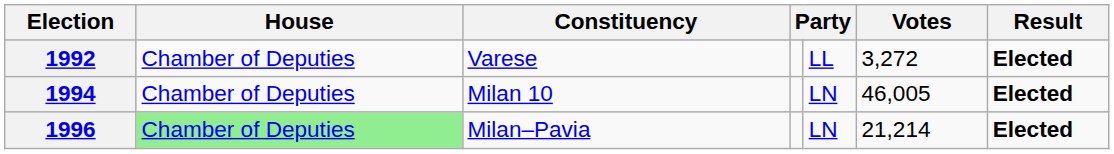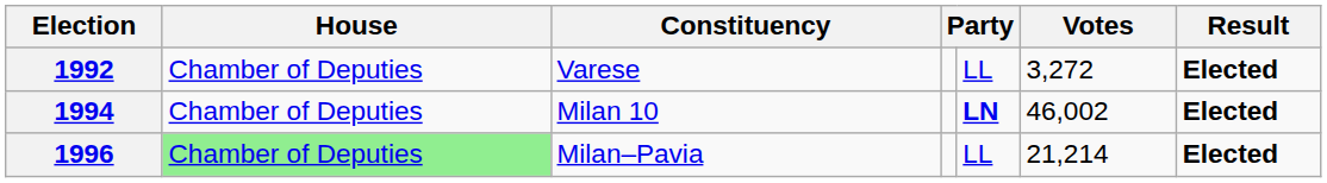 <table class=wikitable style="width:62%; border:1px #AAAAFF solid">
 <tr>
 <th width=12%>Election</th>
 <th width=30%>House</th>
 <th width=30%>Constituency</th>
 <th width=5% colspan="2">Party</th>
 <th width=12%>Votes</th>
 <th width=12%>Result</th>
 </tr>
 <tr>
 <th><a href='#'>1992</a></th>
 <td><a href='#'>Chamber of Deputies</a></td>
 <td><a href='#'>Varese</a></td>
 <td></td>
 <td><a href='#'>LL</a></td>
 <td>3,272</td>
 <td> <strong>Elected</strong></td>
 </tr>
 <tr>
 <th><a href='#'>1994</a></th>
 <td><a href='#'>Chamber of Deputies</a></td>
 <td><a href='#'>Milan 10</a></td>
 <td></td>
-<td><a href='#'>LN</a></td>
-<td>46,005</td>
+<td><strong><a href='#'>LN</a></strong></td>
+<td>46,002</td>
 <td> <strong>Elected</strong></td>
 </tr>
 <tr>
 <th><a href='#'>1996</a></th>
 <td style="background: lightgreen;"><a href='#'>Chamber of Deputies</a></td>
 <td><a href='#'>Milan–Pavia</a></td>
 <td></td>
-<td><a href='#'>LN</a></td>
+<td><a href='#'>LL</a></td>
 <td>21,214</td>
 <td> <strong>Elected</strong></td>
 </tr>
 </table>
